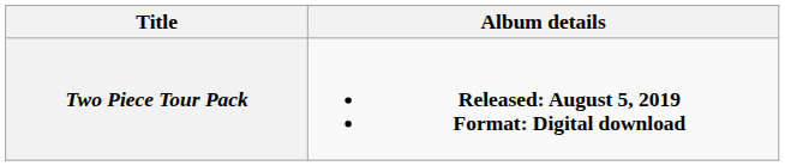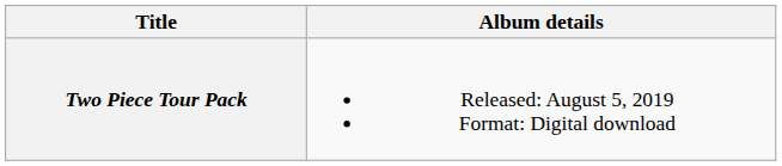 <table class="wikitable plainrowheaders" style="text-align:center;">
 <tr>
 <th scope="col" rowspan="1" style="width:14em;">Title</th>
 <th scope="col" rowspan="1" style="width:22em;">Album details</th>
 </tr>
 <tr>
 <th scope="row"><em>Two Piece Tour Pack</em></th>
-<td><strong><br><ul><li>Released: August 5, 2019</li><li>Format: Digital download</li></ul></strong></td>
+<td><br><ul><li>Released: August 5, 2019</li><li>Format: Digital download</li></ul></td>
 </tr>
 </table>
